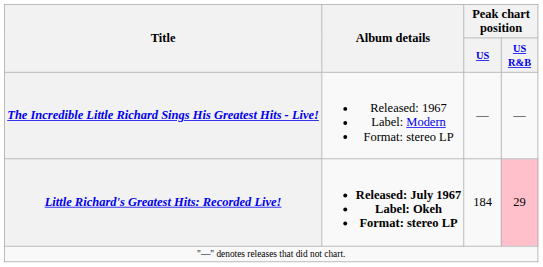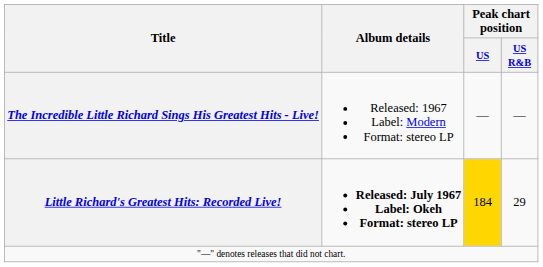 <table class="wikitable plainrowheaders" style="text-align:center;">
 <tr>
 <th rowspan="2">Title</th>
 <th rowspan="2">Album details</th>
 <th colspan="2">Peak chart position</th>
 </tr>
 <tr>
 <th style="width:40px;"><small><a href='#'>US</a></small><br></th>
 <th style="width:40px;"><small><a href='#'>US R&B</a></small><br></th>
 </tr>
 <tr>
 <th scope="row"><em><a href='#'>The Incredible Little Richard Sings His Greatest Hits - Live!</a></em></th>
 <td><br><ul><li>Released: 1967</li><li>Label: <a href='#'>Modern</a></li><li>Format: stereo LP</li></ul></td>
 <td>—</td>
 <td>—</td>
 </tr>
 <tr>
 <th scope="row"><em><a href='#'>Little Richard's Greatest Hits: Recorded Live!</a></em></th>
 <td><strong><br><ul><li>Released: July 1967</li><li>Label: Okeh</li><li>Format: stereo LP</li></ul></strong></td>
-<td>184</td>
-<td style="background: pink;">29</td>
+<td style="background: gold;">184</td>
+<td>29</td>
 </tr>
 <tr>
 <td colspan="6" style="text-align:center; font-size:9pt;">"—" denotes releases that did not chart.</td>
 </tr>
 </table>
